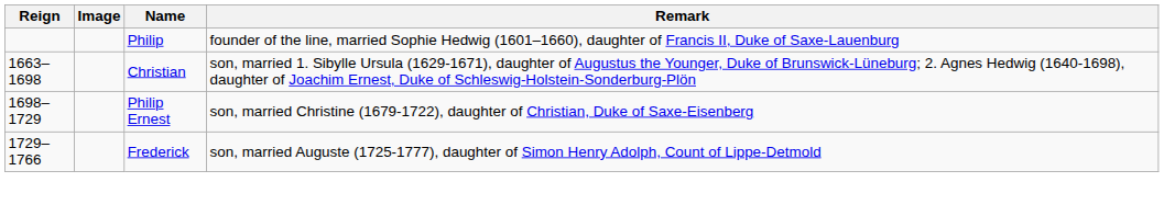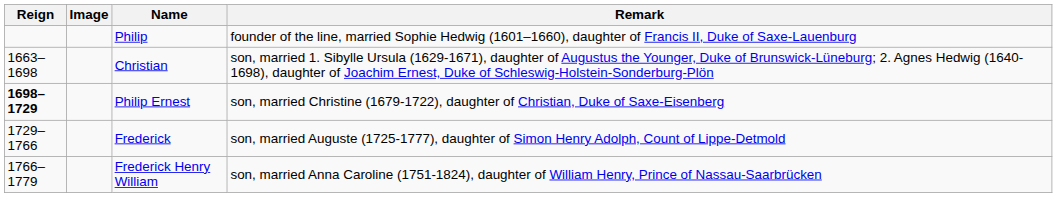 <table Class = "wikitable" border = 1 border = "1" cellpadding = "4" cellspacing = "0" style = "margin: 0.5em 1em 0.5em 0; background: # f9f9f9; border: 1px solid # aaa; border -collapse: collapse; ">
 <tr>
 <th bgcolor = "# FFDEAD">Reign</th>
 <th bgcolor = "# FFDEAD">Image</th>
 <th bgcolor = "# FFDEAD">Name</th>
 <th bgcolor = "# FFDEAD">Remark</th>
 </tr>
 <tr>
 <td></td>
 <td></td>
 <td><a href='#'>Philip</a></td>
 <td>founder of the line, married Sophie Hedwig (1601–1660), daughter of <a href='#'>Francis II, Duke of Saxe-Lauenburg</a></td>
 </tr>
 <tr>
 <td>1663–1698</td>
 <td></td>
 <td><a href='#'>Christian</a></td>
 <td>son, married 1. Sibylle Ursula (1629-1671), daughter of <a href='#'>Augustus the Younger, Duke of Brunswick-Lüneburg</a>; 2. Agnes Hedwig (1640-1698), daughter of <a href='#'>Joachim Ernest, Duke of Schleswig-Holstein-Sonderburg-Plön</a></td>
 </tr>
 <tr>
-<td>1698–1729</td>
+<td><strong>1698–1729</strong></td>
 <td></td>
 <td><a href='#'>Philip Ernest</a></td>
 <td>son, married Christine (1679-1722), daughter of <a href='#'>Christian, Duke of Saxe-Eisenberg</a></td>
 </tr>
 <tr>
 <td>1729–1766</td>
 <td></td>
 <td><a href='#'>Frederick</a></td>
 <td>son, married Auguste (1725-1777), daughter of <a href='#'>Simon Henry Adolph, Count of Lippe-Detmold</a></td>
 </tr>
+<tr>
+<td>1766–1779</td>
+<td></td>
+<td><a href='#'>Frederick Henry William</a></td>
+<td>son, married Anna Caroline (1751-1824), daughter of <a href='#'>William Henry, Prince of Nassau-Saarbrücken</a></td>
+</tr>
 </table>
